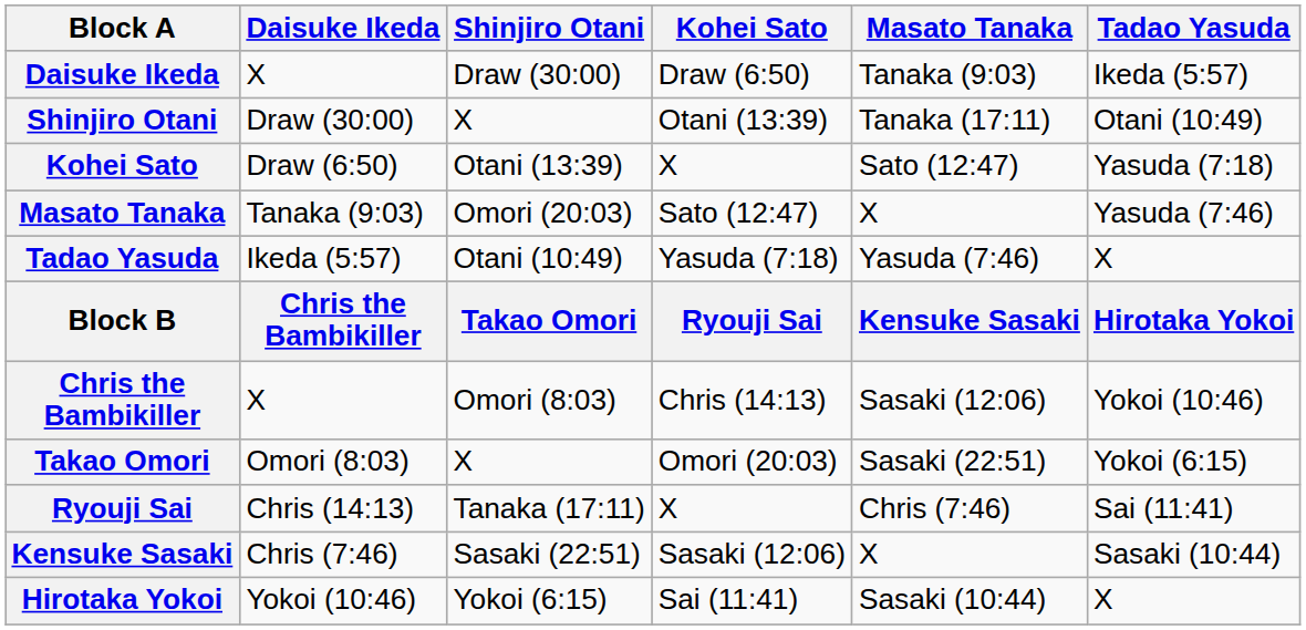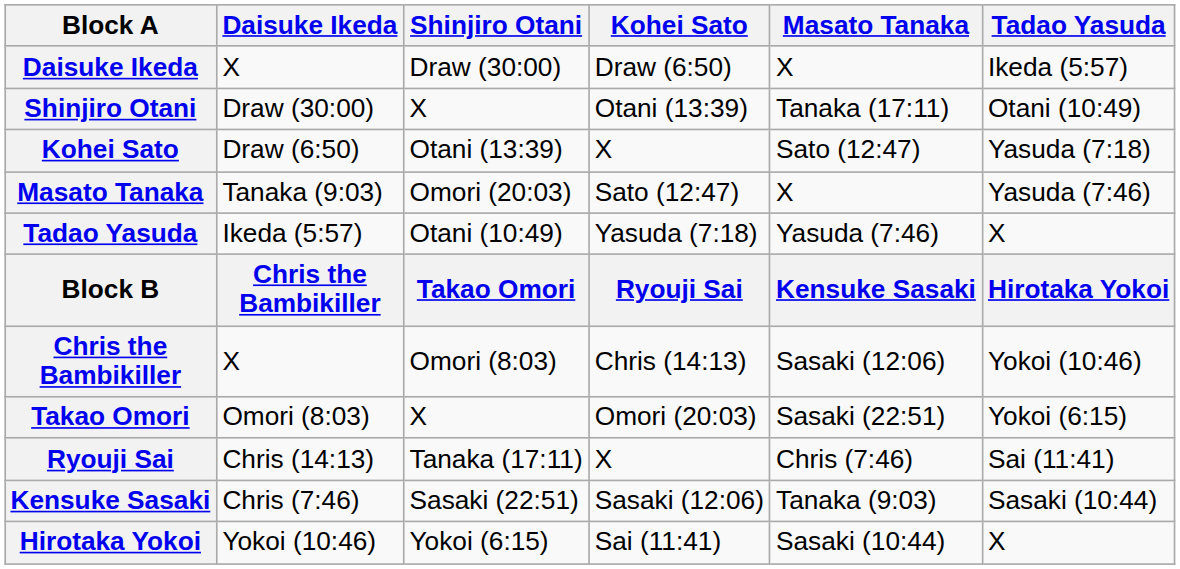 <table class="wikitable" style="margin: 1em auto 1em auto">
 <tr>
 <th>Block A</th>
 <th><a href='#'>Daisuke Ikeda</a></th>
 <th><a href='#'>Shinjiro Otani</a></th>
 <th><a href='#'>Kohei Sato</a></th>
 <th><a href='#'>Masato Tanaka</a></th>
 <th><a href='#'>Tadao Yasuda</a></th>
 </tr>
 <tr>
 <th><a href='#'>Daisuke Ikeda</a></th>
 <td>X</td>
 <td>Draw (30:00)</td>
 <td>Draw (6:50)</td>
-<td>Tanaka (9:03)</td>
+<td>X</td>
 <td>Ikeda (5:57)</td>
 </tr>
 <tr>
 <th><a href='#'>Shinjiro Otani</a></th>
 <td>Draw (30:00)</td>
 <td>X</td>
 <td>Otani (13:39)</td>
 <td>Tanaka (17:11)</td>
 <td>Otani (10:49)</td>
 </tr>
 <tr>
 <th><a href='#'>Kohei Sato</a></th>
 <td>Draw (6:50)</td>
 <td>Otani (13:39)</td>
 <td>X</td>
 <td>Sato (12:47)</td>
 <td>Yasuda (7:18)</td>
 </tr>
 <tr>
 <th><a href='#'>Masato Tanaka</a></th>
 <td>Tanaka (9:03)</td>
 <td>Omori (20:03)</td>
 <td>Sato (12:47)</td>
 <td>X</td>
 <td>Yasuda (7:46)</td>
 </tr>
 <tr>
 <th><a href='#'>Tadao Yasuda</a></th>
 <td>Ikeda (5:57)</td>
 <td>Otani (10:49)</td>
 <td>Yasuda (7:18)</td>
 <td>Yasuda (7:46)</td>
 <td>X</td>
 </tr>
 <tr>
 <th>Block B</th>
 <th><a href='#'>Chris the<br>Bambikiller</a></th>
 <th><a href='#'>Takao Omori</a></th>
 <th><a href='#'>Ryouji Sai</a></th>
 <th><a href='#'>Kensuke Sasaki</a></th>
 <th><a href='#'>Hirotaka Yokoi</a></th>
 </tr>
 <tr>
 <th><a href='#'>Chris the<br>Bambikiller</a></th>
 <td>X</td>
 <td>Omori (8:03)</td>
 <td>Chris (14:13)</td>
 <td>Sasaki (12:06)</td>
 <td>Yokoi (10:46)</td>
 </tr>
 <tr>
 <th><a href='#'>Takao Omori</a></th>
 <td>Omori (8:03)</td>
 <td>X</td>
 <td>Omori (20:03)</td>
 <td>Sasaki (22:51)</td>
 <td>Yokoi (6:15)</td>
 </tr>
 <tr>
 <th><a href='#'>Ryouji Sai</a></th>
 <td>Chris (14:13)</td>
 <td>Tanaka (17:11)</td>
 <td>X</td>
 <td>Chris (7:46)</td>
 <td>Sai (11:41)</td>
 </tr>
 <tr>
 <th><a href='#'>Kensuke Sasaki</a></th>
 <td>Chris (7:46)</td>
 <td>Sasaki (22:51)</td>
 <td>Sasaki (12:06)</td>
-<td>X</td>
+<td>Tanaka (9:03)</td>
 <td>Sasaki (10:44)</td>
 </tr>
 <tr>
 <th><a href='#'>Hirotaka Yokoi</a></th>
 <td>Yokoi (10:46)</td>
 <td>Yokoi (6:15)</td>
 <td>Sai (11:41)</td>
 <td>Sasaki (10:44)</td>
 <td>X</td>
 </tr>
 </table>
